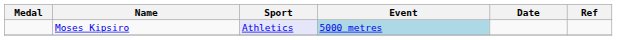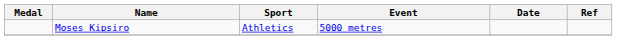 <table class="wikitable sortable" style="font-size:100%">
 <tr>
 <th width="60">Medal</th>
 <th width="250">Name</th>
 <th width="100">Sport</th>
 <th width="230">Event</th>
 <th width="100">Date</th>
 <th width="55">Ref</th>
 </tr>
 <tr>
 <td></td>
 <td><a href='#'>Moses Kipsiro</a></td>
-<td style="background: lavender;"><a href='#'>Athletics</a></td>
-<td style="background: lightblue;"><a href='#'>5000 metres</a></td>
+<td><a href='#'>Athletics</a></td>
+<td><a href='#'>5000 metres</a></td>
 <td></td>
 <td></td>
 </tr>
 <tr>
 </tr>
 </table>
